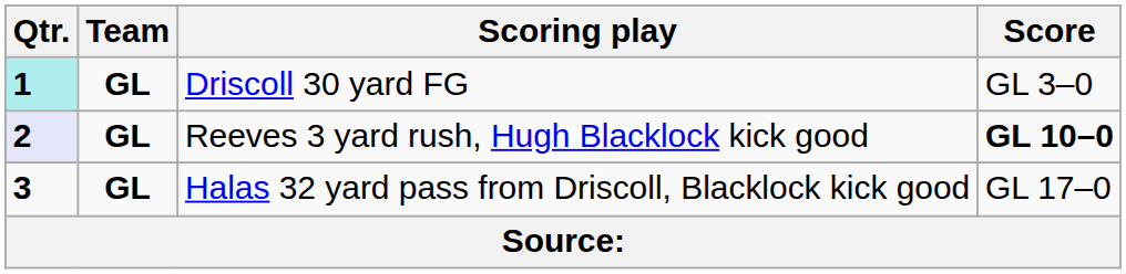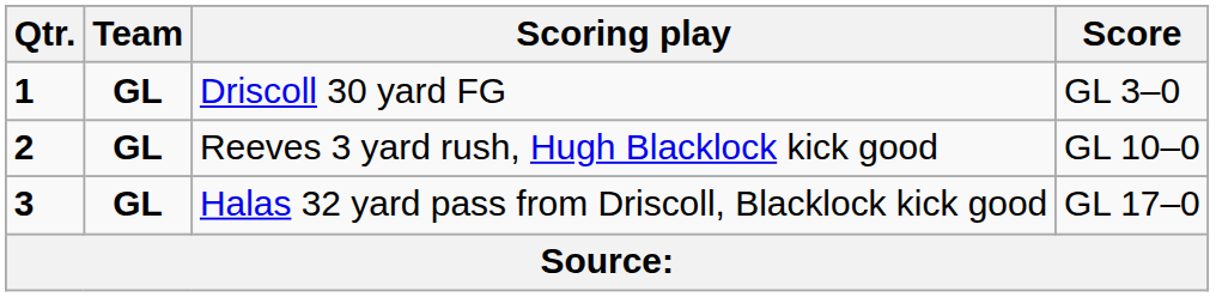 <table class="wikitable">
 <tr>
 <th>Qtr.</th>
 <th>Team</th>
 <th>Scoring play</th>
 <th>Score</th>
 </tr>
 <tr>
-<td style="background: paleturquoise;"><strong>1</strong></td>
+<td><strong>1</strong></td>
 <td style="text-align:center"><strong>GL</strong></td>
 <td><a href='#'>Driscoll</a> 30 yard FG</td>
 <td>GL 3–0</td>
 </tr>
 <tr>
-<td style="background: lavender;"><strong>2</strong></td>
+<td><strong>2</strong></td>
 <td style="text-align:center"><strong>GL</strong></td>
 <td>Reeves 3 yard rush, <a href='#'>Hugh Blacklock</a> kick good</td>
-<td><strong>GL 10–0</strong></td>
+<td>GL 10–0</td>
 </tr>
 <tr>
 <td><strong>3</strong></td>
 <td style="text-align:center"><strong>GL</strong></td>
 <td><a href='#'>Halas</a> 32 yard pass from Driscoll, Blacklock kick good</td>
 <td>GL 17–0</td>
 </tr>
 <tr>
 <th colspan=4>Source:</th>
 </tr>
 </table>
